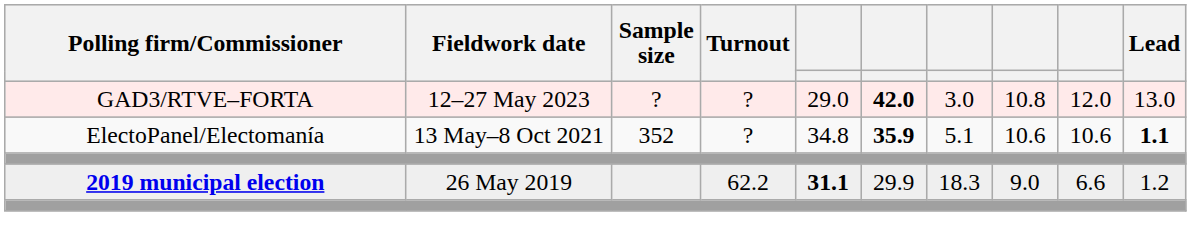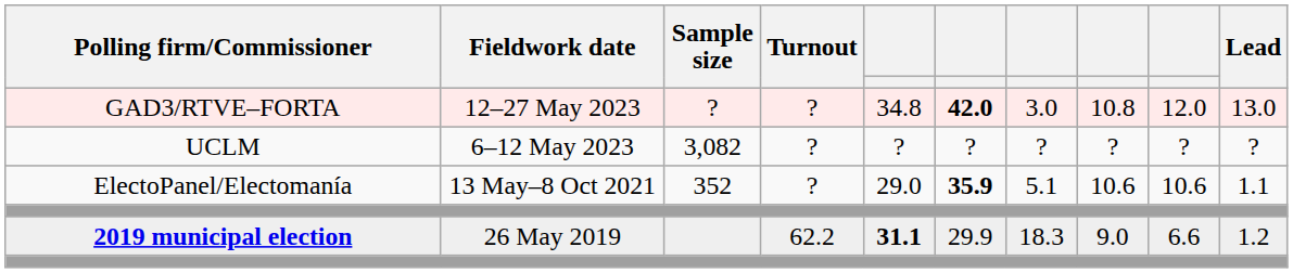 <table class="wikitable collapsible collapsed" style="text-align:center; font-size:95%; line-height:16px;">
 <tr style="height:42px;">
 <th style="width:250px;" rowspan="2">Polling firm/Commissioner</th>
 <th style="width:125px;" rowspan="2">Fieldwork date</th>
 <th style="width:50px;" rowspan="2">Sample size</th>
 <th style="width:45px;" rowspan="2">Turnout</th>
 <th style="width:35px;"></th>
 <th style="width:35px;"></th>
 <th style="width:35px;"></th>
 <th style="width:35px;"></th>
 <th style="width:35px;"></th>
 <th style="width:30px;" rowspan="2">Lead</th>
 </tr>
 <tr>
 <th style="color:inherit;background:"></th>
 <th style="color:inherit;background:"></th>
 <th style="color:inherit;background:"></th>
 <th style="color:inherit;background:"></th>
 <th style="color:inherit;background:"></th>
 </tr>
 <tr style="background:#FFEAEA;">
 <td>GAD3/RTVE–FORTA</td>
 <td>12–27 May 2023</td>
 <td>?</td>
 <td>?</td>
-<td>29.0<br></td>
+<td>34.8<br></td>
 <td><strong>42.0</strong><br></td>
 <td>3.0<br></td>
 <td>10.8<br></td>
 <td>12.0<br></td>
 <td style="background:">13.0</td>
 </tr>
 <tr>
+<td>UCLM</td>
+<td>6–12 May 2023</td>
+<td>3,082</td>
+<td>?</td>
+<td>?<br></td>
+<td>?<br></td>
+<td>?<br></td>
+<td>?<br></td>
+<td>?<br></td>
+<td style="background:">?</td>
+</tr>
+<tr>
 <td>ElectoPanel/Electomanía</td>
 <td>13 May–8 Oct 2021</td>
 <td>352</td>
 <td>?</td>
-<td>34.8<br></td>
+<td>29.0<br></td>
 <td><strong>35.9</strong><br></td>
 <td>5.1<br></td>
 <td>10.6<br></td>
 <td>10.6<br></td>
-<td style="background:"><strong>1.1</strong></td>
+<td style="background:">1.1</td>
 </tr>
 <tr>
 <td colspan="10" style="background:#A0A0A0"></td>
 </tr>
 <tr style="background:#EFEFEF;">
 <td><strong><a href='#'>2019 municipal election</a></strong></td>
 <td>26 May 2019</td>
 <td></td>
 <td>62.2</td>
 <td><strong>31.1</strong><br></td>
 <td>29.9<br></td>
 <td>18.3<br></td>
 <td>9.0<br></td>
 <td>6.6<br></td>
 <td style="background:">1.2</td>
 </tr>
 <tr>
 <td colspan="10" style="background:#A0A0A0"></td>
 </tr>
 </table>
